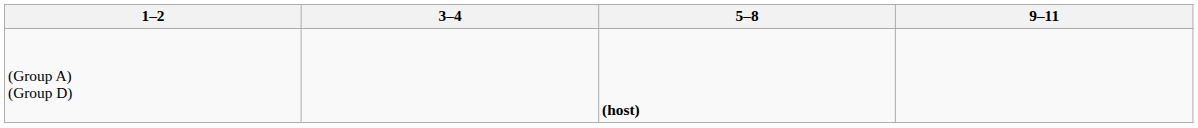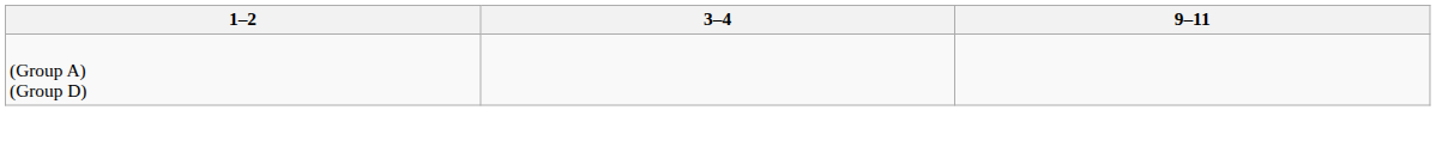 <table class="wikitable" width=98%>
 <tr>
 <th width=25%>1–2</th>
 <th width=25%>3–4</th>
-<th width=25%>5–8</th>
 <th width=25%>9–11</th>
 </tr>
 <tr>
 <td><br> (Group A)<br>  (Group D)</td>
 <td><br> <br> </td>
-<td><br> <br>  <br>  <br>  <strong>(host)</strong></td>
 <td><br> <br>  <br> </td>
 </tr>
 </table>
